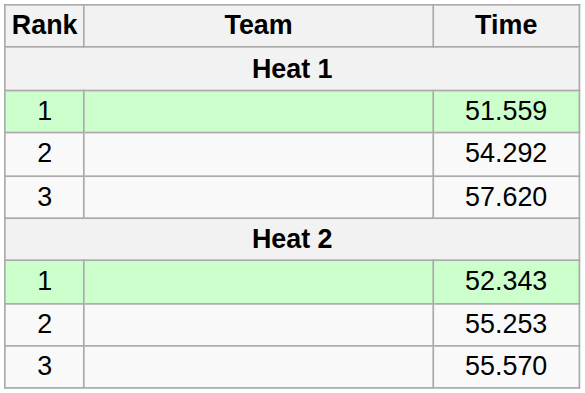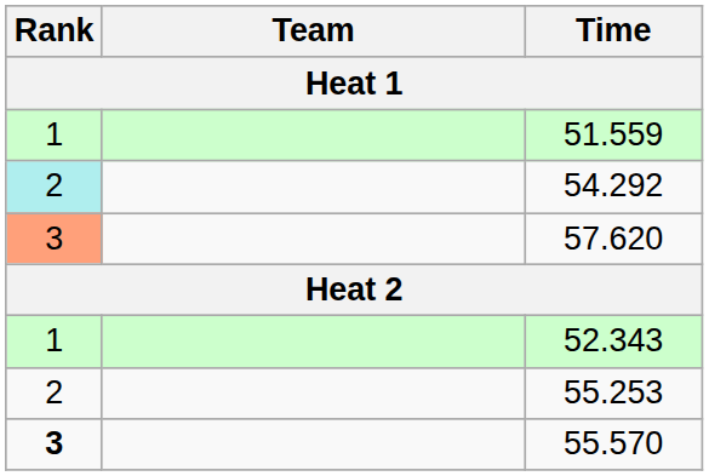 <table class=wikitable style="text-align:center">
 <tr>
 <th width=40>Rank</th>
 <th width=200>Team</th>
 <th width=80>Time</th>
 </tr>
 <tr>
 <th colspan=3>Heat 1</th>
 </tr>
 <tr bgcolor="#ccffcc">
 <td>1</td>
 <td align=left></td>
 <td>51.559</td>
 </tr>
 <tr>
-<td>2</td>
+<td style="background: paleturquoise;">2</td>
 <td align=left></td>
 <td>54.292</td>
 </tr>
 <tr>
-<td>3</td>
+<td style="background: lightsalmon;">3</td>
 <td align=left></td>
 <td>57.620</td>
 </tr>
 <tr>
 <th colspan=3>Heat 2</th>
 </tr>
 <tr bgcolor="#ccffcc">
 <td>1</td>
 <td align=left></td>
 <td>52.343</td>
 </tr>
 <tr>
 <td>2</td>
 <td align=left></td>
 <td>55.253</td>
 </tr>
 <tr>
-<td>3</td>
+<td><strong>3</strong></td>
 <td align=left></td>
 <td>55.570</td>
 </tr>
 </table>
